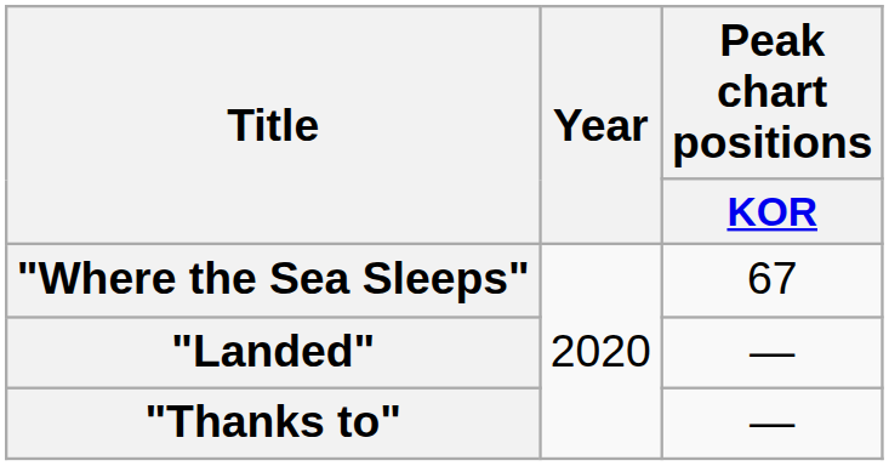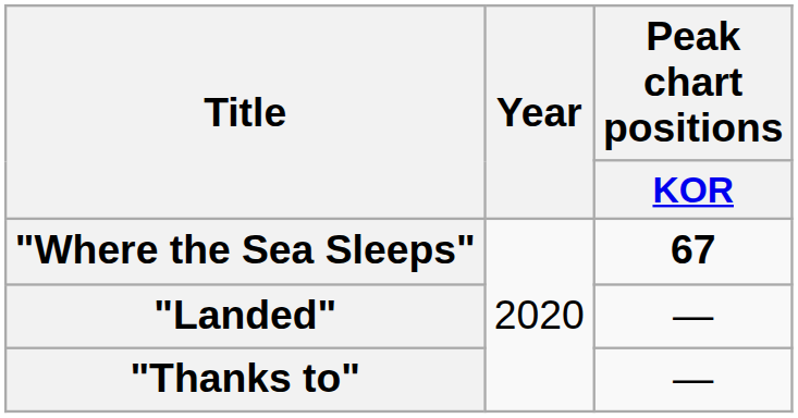 <table class="wikitable plainrowheaders" style="text-align:center;">
 <tr>
 <th rowspan="2" scope="col">Title</th>
 <th rowspan="2" scope="col">Year</th>
 <th scope="col">Peak chart positions</th>
 </tr>
 <tr>
 <th scope="col" style="width:3em;font-size:90%;"><a href='#'>KOR</a></th>
 </tr>
 <tr>
 <th scope="row">"Where the Sea Sleeps" </th>
 <td rowspan="3">2020</td>
-<td>67</td>
+<td><strong>67</strong></td>
 </tr>
 <tr>
 <th scope="row">"Landed" </th>
 <td>—</td>
 </tr>
 <tr>
 <th scope="row">"Thanks to" </th>
 <td>—</td>
 </tr>
 </table>
